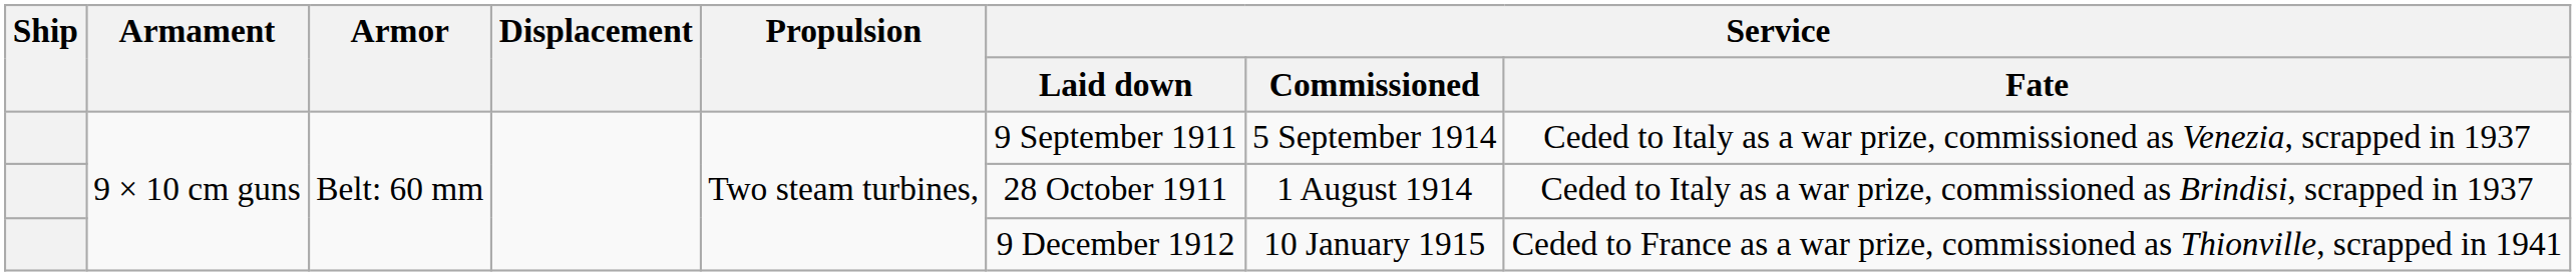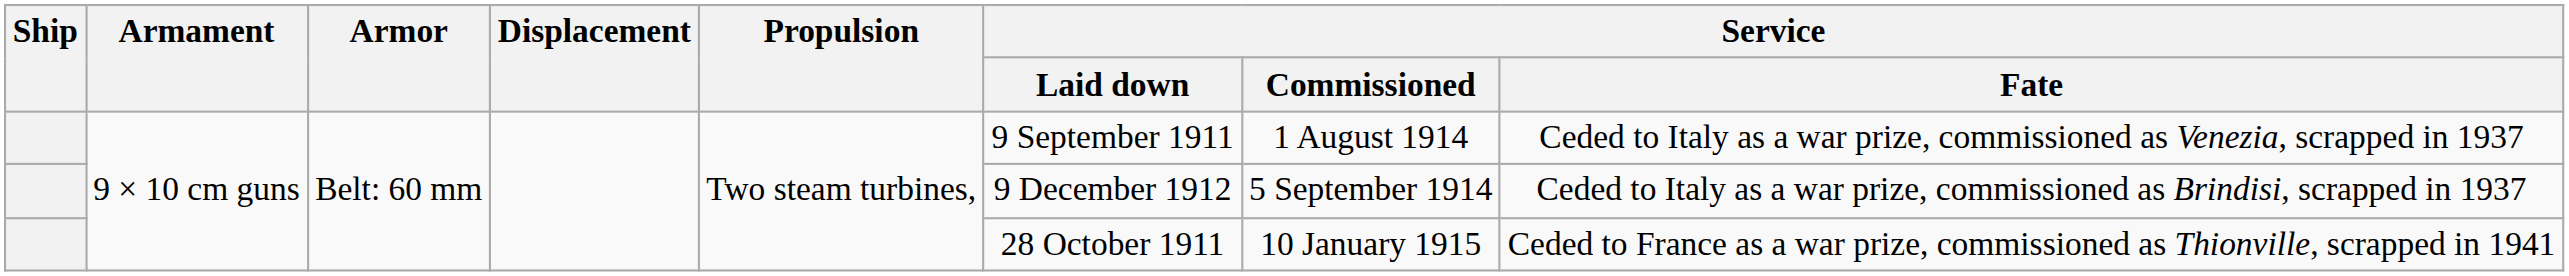 <table class="wikitable plainrowheaders" style="text-align: center;">
 <tr valign="top">
 <th scope="col" rowspan="2">Ship</th>
 <th scope="col" rowspan="2">Armament</th>
 <th scope="col" rowspan="2">Armor</th>
 <th scope="col" rowspan="2">Displacement</th>
 <th scope="col" rowspan="2">Propulsion</th>
 <th scope="col" colspan="3">Service</th>
 </tr>
 <tr valign="top">
 <th scope="col">Laid down</th>
 <th scope="col">Commissioned</th>
 <th scope="col">Fate</th>
 </tr>
 <tr valign="center">
 <th scope="row"></th>
 <td rowspan="3">9 × 10 cm guns</td>
 <td rowspan="3">Belt: 60 mm</td>
 <td rowspan="3"></td>
 <td rowspan="3">Two steam turbines, </td>
 <td>9 September 1911</td>
-<td>5 September 1914</td>
+<td>1 August 1914</td>
 <td>Ceded to Italy as a war prize, commissioned as <em>Venezia</em>, scrapped in 1937</td>
 </tr>
 <tr valign="center">
 <th scope="row"></th>
-<td>28 October 1911</td>
-<td>1 August 1914</td>
+<td>9 December 1912</td>
+<td>5 September 1914</td>
 <td>Ceded to Italy as a war prize, commissioned as <em>Brindisi</em>, scrapped in 1937</td>
 </tr>
 <tr valign="center">
 <th scope="row"></th>
-<td>9 December 1912</td>
+<td>28 October 1911</td>
 <td>10 January 1915</td>
 <td>Ceded to France as a war prize, commissioned as <em>Thionville</em>, scrapped in 1941</td>
 </tr>
 </table>
